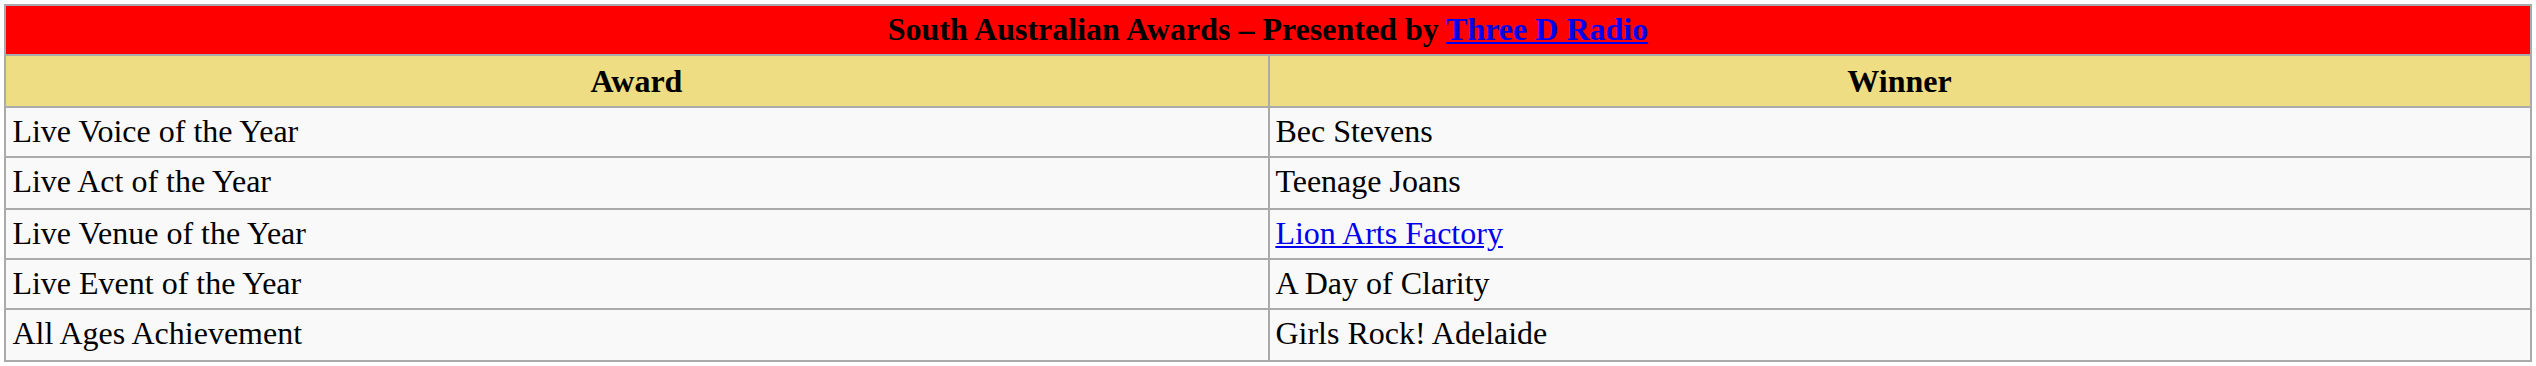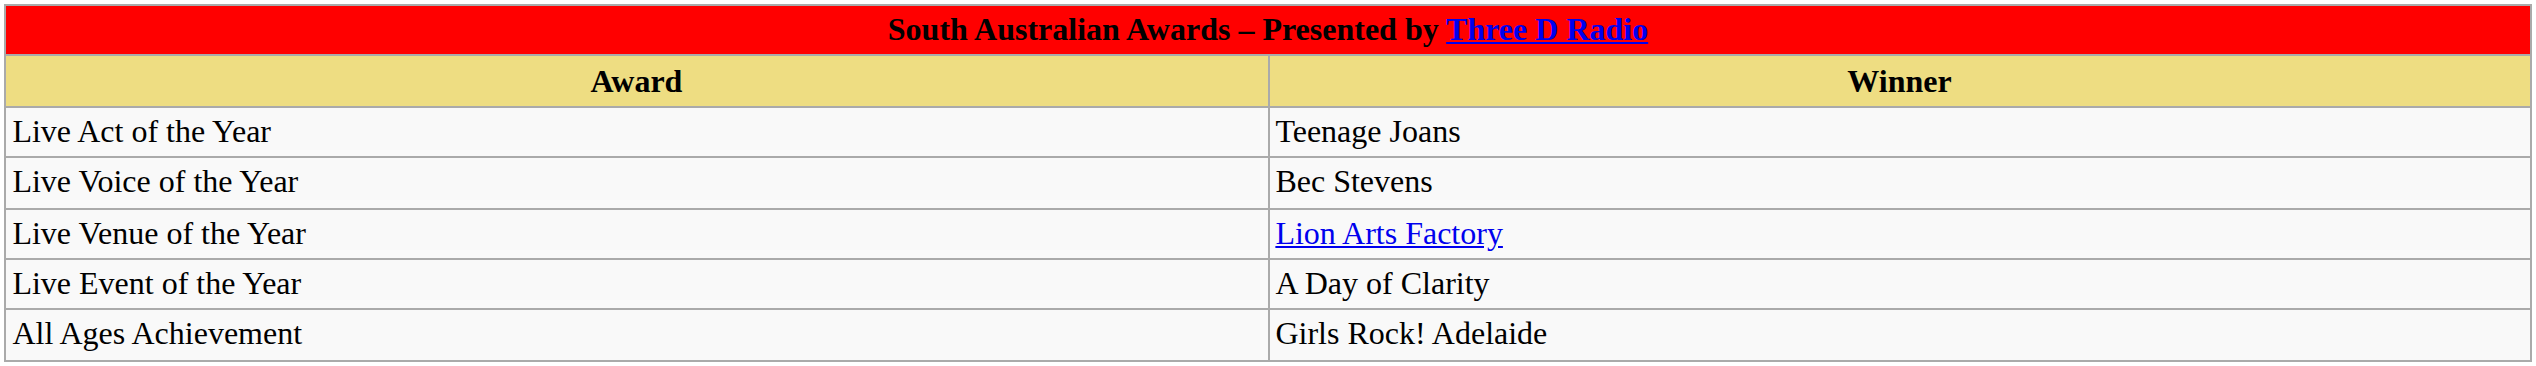 <table class="wikitable" width=100%>
 <tr>
 <th colspan="2" ! style="width:15%;background:red">South Australian Awards – Presented by <a href='#'>Three D Radio</a></th>
 </tr>
 <tr>
 <th style="width:10%;background:#EEDD82;">Award</th>
 <th style="width:10%;background:#EEDD82;">Winner</th>
 </tr>
 <tr>
 </tr>
 <tr>
+<td>Live Act of the Year</td>
+<td>Teenage Joans</td>
+</tr>
+<tr>
 <td>Live Voice of the Year</td>
 <td>Bec Stevens</td>
-</tr>
-<tr>
-<td>Live Act of the Year</td>
-<td>Teenage Joans</td>
 </tr>
 <tr>
 <td>Live Venue of the Year</td>
 <td><a href='#'>Lion Arts Factory</a></td>
 </tr>
 <tr>
 <td>Live Event of the Year</td>
 <td>A Day of Clarity</td>
 </tr>
 <tr>
 <td>All Ages Achievement</td>
 <td>Girls Rock! Adelaide</td>
 </tr>
 <tr>
 </tr>
 </table>
